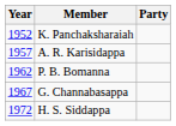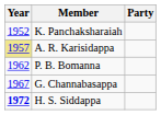 <table class="wikitable">
 <tr>
 <th>Year</th>
 <th>Member</th>
 <th colspan="2">Party</th>
 </tr>
 <tr>
 <td><a href='#'>1952</a></td>
 <td>K. Panchaksharaiah</td>
 <td></td>
 </tr>
 <tr>
-<td><a href='#'>1957</a></td>
+<td style="background: khaki;"><a href='#'>1957</a></td>
 <td>A. R. Karisidappa</td>
 </tr>
 <tr>
 <td><a href='#'>1962</a></td>
 <td>P. B. Bomanna</td>
 <td></td>
 </tr>
 <tr>
 <td><a href='#'>1967</a></td>
 <td>G. Channabasappa</td>
 <td></td>
 </tr>
 <tr>
-<td><a href='#'>1972</a></td>
+<td><strong><a href='#'>1972</a></strong></td>
 <td>H. S. Siddappa</td>
 <td></td>
 </tr>
 </table>
